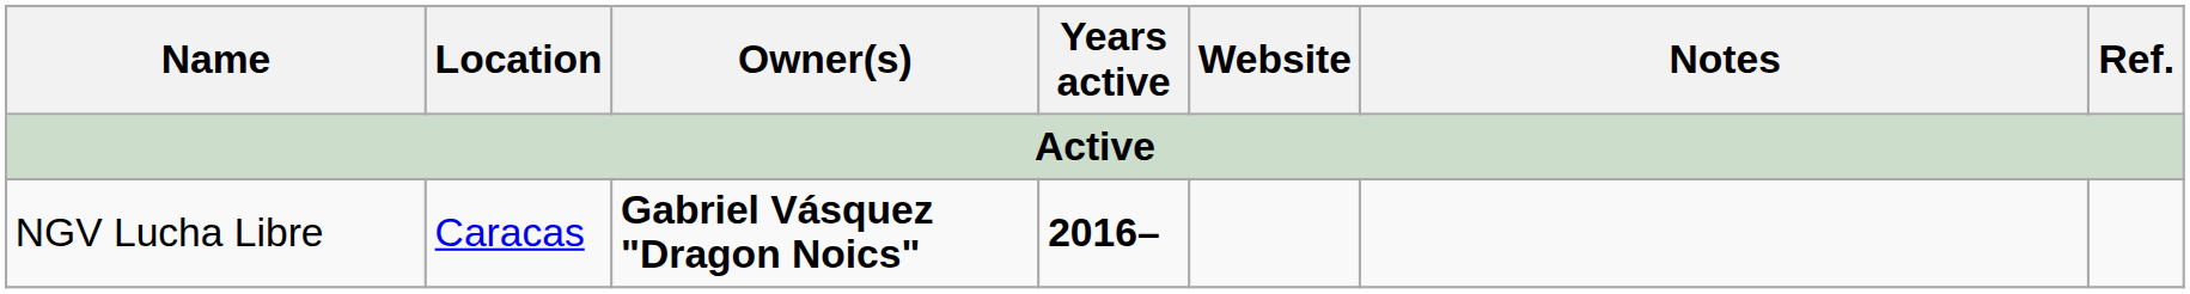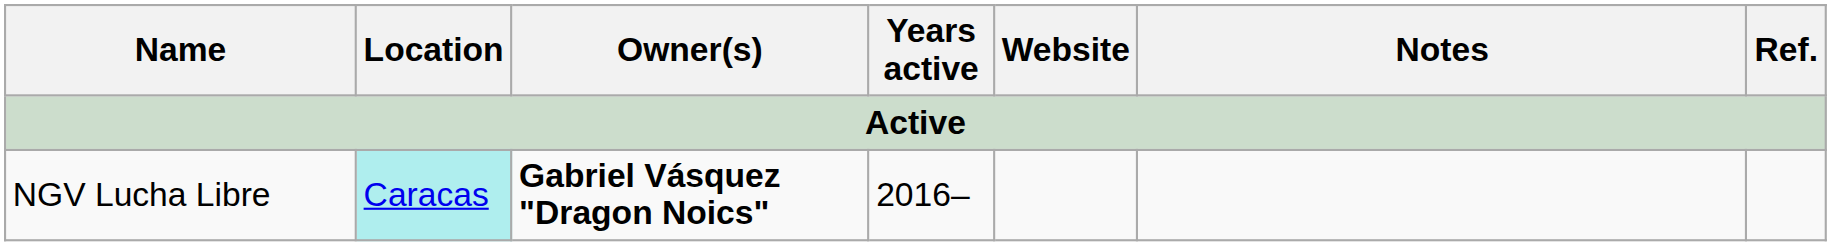 <table class="wikitable sortable" style="text-align: left;">
 <tr>
 <th width="21%">Name</th>
 <th width="7%">Location</th>
 <th width="21%">Owner(s)</th>
 <th width="7%">Years active</th>
 <th width="7%">Website</th>
 <th width="55%">Notes</th>
 <th>Ref.</th>
 </tr>
 <tr>
 <td colspan=7 style="background: #ccddcc;" align=center><strong>Active</strong></td>
 </tr>
 <tr>
 <td>NGV Lucha Libre</td>
-<td><a href='#'>Caracas</a></td>
+<td style="background: paleturquoise;"><a href='#'>Caracas</a></td>
 <td><strong>Gabriel Vásquez "Dragon Noics"</strong></td>
-<td><strong>2016–</strong></td>
+<td>2016–</td>
 <td></td>
 <td></td>
 <td></td>
 </tr>
 </table>
